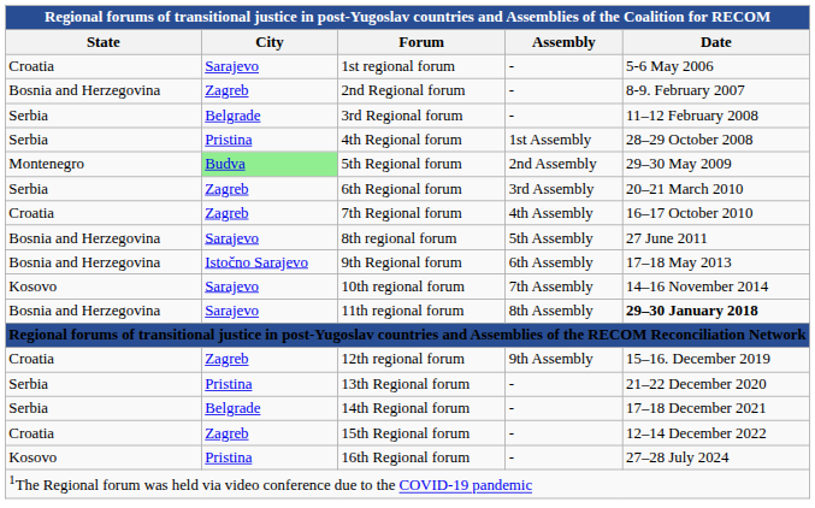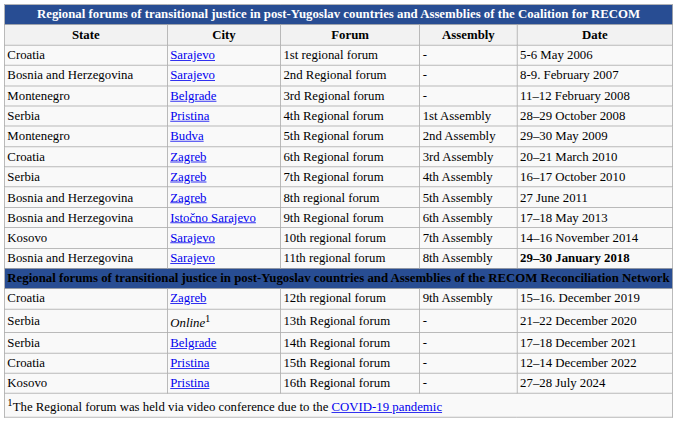 <table class="wikitable">
 <tr ->
 <td bgcolor=#284D93 colspan=5 style="text-align:center; color:white;"><strong>Regional forums of transitional justice in post-Yugoslav countries and Assemblies of the Coalition for RECOM</strong></td>
 </tr>
 <tr ->
 <th>State</th>
 <th>City</th>
 <th>Forum</th>
 <th>Assembly</th>
 <th>Date</th>
 </tr>
 <tr ->
 <td> Croatia</td>
 <td><a href='#'>Sarajevo</a></td>
 <td>1st regional forum</td>
 <td>-</td>
 <td>5-6 May 2006</td>
 </tr>
 <tr ->
 <td> Bosnia and Herzegovina</td>
-<td><a href='#'>Zagreb</a></td>
+<td><a href='#'>Sarajevo</a></td>
 <td>2nd Regional forum</td>
 <td>-</td>
 <td>8-9. February 2007</td>
 </tr>
 <tr ->
-<td> Serbia</td>
+<td> Montenegro</td>
 <td><a href='#'>Belgrade</a></td>
 <td>3rd Regional forum</td>
 <td>-</td>
 <td>11–12 February 2008</td>
 </tr>
 <tr ->
 <td> Serbia</td>
 <td><a href='#'>Pristina</a></td>
 <td>4th Regional forum</td>
 <td>1st Assembly</td>
 <td>28–29 October 2008</td>
 </tr>
 <tr ->
 <td> Montenegro</td>
-<td style="background: lightgreen;"><a href='#'>Budva</a></td>
+<td><a href='#'>Budva</a></td>
 <td>5th Regional forum</td>
 <td>2nd Assembly</td>
 <td>29–30 May 2009</td>
 </tr>
 <tr ->
-<td> Serbia</td>
+<td> Croatia</td>
 <td><a href='#'>Zagreb</a></td>
 <td>6th Regional forum</td>
 <td>3rd Assembly</td>
 <td>20–21 March 2010</td>
 </tr>
 <tr ->
-<td> Croatia</td>
+<td> Serbia</td>
 <td><a href='#'>Zagreb</a></td>
 <td>7th Regional forum</td>
 <td>4th Assembly</td>
 <td>16–17 October 2010</td>
 </tr>
 <tr ->
 <td> Bosnia and Herzegovina</td>
-<td><a href='#'>Sarajevo</a></td>
+<td><a href='#'>Zagreb</a></td>
 <td>8th regional forum</td>
 <td>5th Assembly</td>
 <td>27 June 2011</td>
 </tr>
 <tr ->
 <td> Bosnia and Herzegovina</td>
 <td><a href='#'>Istočno Sarajevo</a></td>
 <td>9th Regional forum</td>
 <td>6th Assembly</td>
 <td>17–18 May 2013</td>
 </tr>
 <tr ->
 <td> Kosovo</td>
 <td><a href='#'>Sarajevo</a></td>
 <td>10th regional forum</td>
 <td>7th Assembly</td>
 <td>14–16 November 2014</td>
 </tr>
 <tr ->
 <td> Bosnia and Herzegovina</td>
 <td><a href='#'>Sarajevo</a></td>
 <td>11th regional forum</td>
 <td>8th Assembly</td>
 <td><strong>29–30 January 2018</strong></td>
 </tr>
 <tr ->
 <td bgcolor=#284D93 colspan=5><span><strong>Regional forums of transitional justice in post-Yugoslav countries and Assemblies of the RECOM Reconciliation Network</strong></span></td>
 </tr>
 <tr ->
 <td> Croatia</td>
 <td><a href='#'>Zagreb</a></td>
 <td>12th regional forum</td>
 <td>9th Assembly</td>
 <td>15–16. December 2019</td>
 </tr>
 <tr>
 <td> Serbia</td>
-<td><a href='#'>Pristina</a></td>
+<td><em>Online</em><sup>1</sup></td>
 <td>13th Regional forum</td>
 <td>-</td>
 <td>21–22 December 2020</td>
 </tr>
 <tr>
 <td> Serbia</td>
 <td><a href='#'>Belgrade</a></td>
 <td>14th Regional forum</td>
 <td>-</td>
 <td>17–18 December 2021</td>
 </tr>
 <tr>
 <td> Croatia</td>
-<td><a href='#'>Zagreb</a></td>
+<td><a href='#'>Pristina</a></td>
 <td>15th Regional forum</td>
 <td>-</td>
 <td>12–14 December 2022</td>
 </tr>
 <tr>
 <td> Kosovo</td>
 <td><a href='#'>Pristina</a></td>
 <td>16th Regional forum</td>
 <td>-</td>
 <td>27–28 July 2024</td>
 </tr>
 <tr>
 <td colspan="8"><sup>1</sup>The Regional forum was held via video conference due to the <a href='#'>COVID-19 pandemic</a></td>
 </tr>
 </table>
